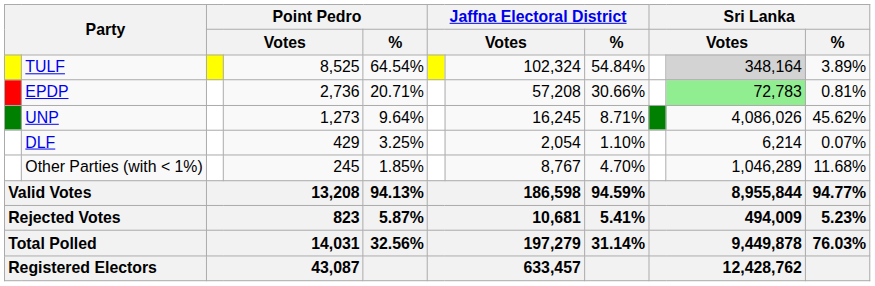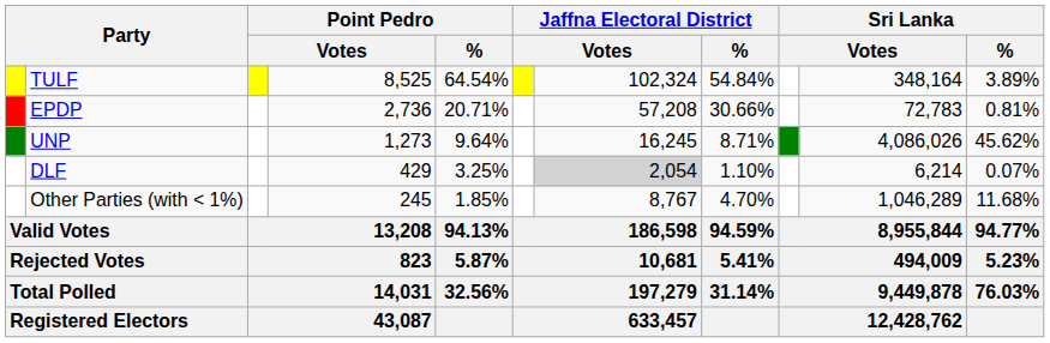 <table class="wikitable">
 <tr>
 <th colspan="2" width="144px"rowspan="2">Party</th>
 <th colspan="3" width="216px">Point Pedro</th>
 <th colspan="3" width="216px"><a href='#'>Jaffna Electoral District</a></th>
 <th colspan="3" width="216px">Sri Lanka</th>
 </tr>
 <tr>
 <th colspan="2" width="144px">Votes</th>
 <th>%</th>
 <th colspan="2" width="144px">Votes</th>
 <th>%</th>
 <th colspan="2" width="144px">Votes</th>
 <th>%</th>
 </tr>
 <tr>
 <td style="background-color:yellow;" width="10px"></td>
 <td style="text-align:left;"><a href='#'>TULF</a></td>
 <td style="background-color:yellow;" width="10px"></td>
 <td style="text-align:right;">8,525</td>
 <td style="text-align:right;">64.54%</td>
 <td style="background-color:yellow;" width="10px"></td>
 <td style="text-align:right;">102,324</td>
 <td style="text-align:right;">54.84%</td>
 <td style="background-color:white;" width="10px"></td>
-<td style="background: lightgrey; text-align:right;">348,164</td>
+<td style="text-align:right;">348,164</td>
 <td style="text-align:right;">3.89%</td>
 </tr>
 <tr>
 <td style="background-color:red;" width="10px"></td>
 <td style="text-align:left;"><a href='#'>EPDP</a></td>
 <td style="background-color:white;" width="10px"></td>
 <td style="text-align:right;">2,736</td>
 <td style="text-align:right;">20.71%</td>
 <td style="background-color:white;" width="10px"></td>
 <td style="text-align:right;">57,208</td>
 <td style="text-align:right;">30.66%</td>
 <td style="background-color:white;" width="10px"></td>
-<td style="background: lightgreen; text-align:right;">72,783</td>
+<td style="text-align:right;">72,783</td>
 <td style="text-align:right;">0.81%</td>
 </tr>
 <tr>
 <td style="background-color:green;" width="10px"></td>
 <td style="text-align:left;"><a href='#'>UNP</a></td>
 <td style="background-color:white;" width="10px"></td>
 <td style="text-align:right;">1,273</td>
 <td style="text-align:right;">9.64%</td>
 <td style="background-color:white;" width="10px"></td>
 <td style="text-align:right;">16,245</td>
 <td style="text-align:right;">8.71%</td>
 <td style="background-color:green;" width="10px"></td>
 <td style="text-align:right;">4,086,026</td>
 <td style="text-align:right;">45.62%</td>
 </tr>
 <tr>
 <td style="background-color:white;" width="10px"></td>
 <td style="text-align:left;"><a href='#'>DLF</a></td>
 <td style="background-color:white;" width="10px"></td>
 <td style="text-align:right;">429</td>
 <td style="text-align:right;">3.25%</td>
 <td style="background-color:white;" width="10px"></td>
-<td style="text-align:right;">2,054</td>
+<td style="background: lightgrey; text-align:right;">2,054</td>
 <td style="text-align:right;">1.10%</td>
 <td style="background-color:white;" width="10px"></td>
 <td style="text-align:right;">6,214</td>
 <td style="text-align:right;">0.07%</td>
 </tr>
 <tr>
 <td style="background-color:white;" width="10px"></td>
 <td style="text-align:left;">Other Parties (with < 1%)</td>
 <td style="background-color:white;" width="10px"></td>
 <td style="text-align:right;">245</td>
 <td style="text-align:right;">1.85%</td>
 <td style="background-color:white;" width="10px"></td>
 <td style="text-align:right;">8,767</td>
 <td style="text-align:right;">4.70%</td>
 <td style="background-color:white;" width="10px"></td>
 <td style="text-align:right;">1,046,289</td>
 <td style="text-align:right;">11.68%</td>
 </tr>
 <tr>
 <th colspan="2" width="144px"style="text-align:left;">Valid Votes</th>
 <th style="text-align:right;"colspan="2" width="144px">13,208</th>
 <th style="text-align:right;">94.13%</th>
 <th style="text-align:right;"colspan="2" width="144px">186,598</th>
 <th style="text-align:right;">94.59%</th>
 <th style="text-align:right;"colspan="2" width="144px">8,955,844</th>
 <th style="text-align:right;">94.77%</th>
 </tr>
 <tr>
 <th colspan="2" width="144px"style="text-align:left;">Rejected Votes</th>
 <th style="text-align:right;"colspan="2" width="144px">823</th>
 <th style="text-align:right;">5.87%</th>
 <th style="text-align:right;"colspan="2" width="144px">10,681</th>
 <th style="text-align:right;">5.41%</th>
 <th style="text-align:right;"colspan="2" width="144px">494,009</th>
 <th style="text-align:right;">5.23%</th>
 </tr>
 <tr>
 <th colspan="2" width="144px"style="text-align:left;">Total Polled</th>
 <th style="text-align:right;"colspan="2" width="144px">14,031</th>
 <th style="text-align:right;">32.56%</th>
 <th style="text-align:right;"colspan="2" width="144px">197,279</th>
 <th style="text-align:right;">31.14%</th>
 <th style="text-align:right;"colspan="2" width="144px">9,449,878</th>
 <th style="text-align:right;">76.03%</th>
 </tr>
 <tr>
 <th colspan="2" width="144px"style="text-align:left;">Registered Electors</th>
 <th style="text-align:right;"colspan="2" width="144px">43,087</th>
 <th></th>
 <th style="text-align:right;"colspan="2" width="144px">633,457</th>
 <th></th>
 <th style="text-align:right;"colspan="2" width="144px">12,428,762</th>
 <th></th>
 </tr>
 </table>
